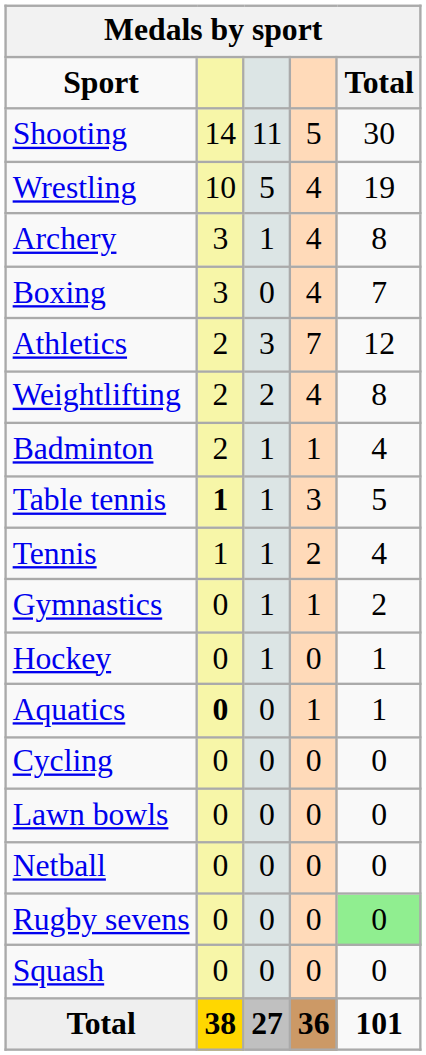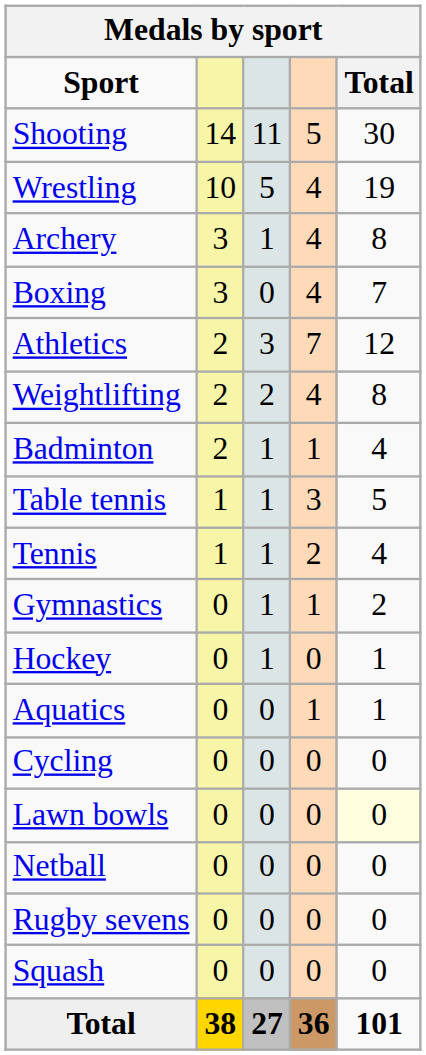 <table class="wikitable" style="text-align:center; font-size:85%; float:right">
 <tr style="background:#efefef;">
 <th colspan=5><strong>Medals by sport</strong></th>
 </tr>
 <tr align=center>
 <td><strong>Sport</strong></td>
 <th style="background:#f7f6a8;"></th>
 <th style="background:#dce5e5;"></th>
 <th style="background:#ffdab9;"></th>
 <th><strong>Total</strong></th>
 </tr>
 <tr align=center>
 <td align=left><a href='#'>Shooting</a></td>
 <td style="background:#f7f6a8;">14</td>
 <td style="background:#dce5e5;">11</td>
 <td style="background:#ffdab9;">5</td>
 <td>30</td>
 </tr>
 <tr align=center>
 <td align=left><a href='#'>Wrestling</a></td>
 <td style="background:#f7f6a8;">10</td>
 <td style="background:#dce5e5;">5</td>
 <td style="background:#ffdab9;">4</td>
 <td>19</td>
 </tr>
 <tr align=center>
 <td align=left><a href='#'>Archery</a></td>
 <td style="background:#f7f6a8;">3</td>
 <td style="background:#dce5e5;">1</td>
 <td style="background:#ffdab9;">4</td>
 <td>8</td>
 </tr>
 <tr align=center>
 <td align=left><a href='#'>Boxing</a></td>
 <td style="background:#f7f6a8;">3</td>
 <td style="background:#dce5e5;">0</td>
 <td style="background:#ffdab9;">4</td>
 <td>7</td>
 </tr>
 <tr align=center>
 <td align=left><a href='#'>Athletics</a></td>
 <td style="background:#f7f6a8;">2</td>
 <td style="background:#dce5e5;">3</td>
 <td style="background:#ffdab9;">7</td>
 <td>12</td>
 </tr>
 <tr align=center>
 <td align=left><a href='#'>Weightlifting</a></td>
 <td style="background:#f7f6a8;">2</td>
 <td style="background:#dce5e5;">2</td>
 <td style="background:#ffdab9;">4</td>
 <td>8</td>
 </tr>
 <tr align=center>
 <td align=left><a href='#'>Badminton</a></td>
 <td style="background:#f7f6a8;">2</td>
 <td style="background:#dce5e5;">1</td>
 <td style="background:#ffdab9;">1</td>
 <td>4</td>
 </tr>
 <tr align=center>
 <td align=left><a href='#'>Table tennis</a></td>
-<td style="background:#f7f6a8;"><strong>1</strong></td>
+<td style="background:#f7f6a8;">1</td>
 <td style="background:#dce5e5;">1</td>
 <td style="background:#ffdab9;">3</td>
 <td>5</td>
 </tr>
 <tr align=center>
 <td align=left><a href='#'>Tennis</a></td>
 <td style="background:#f7f6a8;">1</td>
 <td style="background:#dce5e5;">1</td>
 <td style="background:#ffdab9;">2</td>
 <td>4</td>
 </tr>
 <tr align=center>
 <td align=left><a href='#'>Gymnastics</a></td>
 <td style="background:#f7f6a8;">0</td>
 <td style="background:#dce5e5;">1</td>
 <td style="background:#ffdab9;">1</td>
 <td>2</td>
 </tr>
 <tr align=center>
 <td align=left><a href='#'>Hockey</a></td>
 <td style="background:#f7f6a8;">0</td>
 <td style="background:#dce5e5;">1</td>
 <td style="background:#ffdab9;">0</td>
 <td>1</td>
 </tr>
 <tr align=center>
 <td align=left><a href='#'>Aquatics</a></td>
-<td style="background:#f7f6a8;"><strong>0</strong></td>
+<td style="background:#f7f6a8;">0</td>
 <td style="background:#dce5e5;">0</td>
 <td style="background:#ffdab9;">1</td>
 <td>1</td>
 </tr>
 <tr align=center>
 <td align=left><a href='#'>Cycling</a></td>
 <td style="background:#f7f6a8;">0</td>
 <td style="background:#dce5e5;">0</td>
 <td style="background:#ffdab9;">0</td>
 <td>0</td>
 </tr>
 <tr align=center>
 <td align=left><a href='#'>Lawn bowls</a></td>
 <td style="background:#f7f6a8;">0</td>
 <td style="background:#dce5e5;">0</td>
 <td style="background:#ffdab9;">0</td>
-<td>0</td>
+<td style="background: lightyellow;">0</td>
 </tr>
 <tr align=center>
 <td align=left><a href='#'>Netball</a></td>
 <td style="background:#f7f6a8;">0</td>
 <td style="background:#dce5e5;">0</td>
 <td style="background:#ffdab9;">0</td>
 <td>0</td>
 </tr>
 <tr align=center>
 <td align=left><a href='#'>Rugby sevens</a></td>
 <td style="background:#f7f6a8;">0</td>
 <td style="background:#dce5e5;">0</td>
 <td style="background:#ffdab9;">0</td>
-<td style="background: lightgreen;">0</td>
+<td>0</td>
 </tr>
 <tr align=center>
 <td align=left><a href='#'>Squash</a></td>
 <td style="background:#f7f6a8;">0</td>
 <td style="background:#dce5e5;">0</td>
 <td style="background:#ffdab9;">0</td>
 <td>0</td>
 </tr>
 <tr align=center>
 <th style="background:#efefef;"><strong>Total</strong></th>
 <th style="background:gold;"><strong>38</strong></th>
 <th style="background:silver;"><strong>27</strong></th>
 <th style="background:#c96;"><strong>36</strong></th>
 <td><strong>101</strong></td>
 </tr>
 </table>
